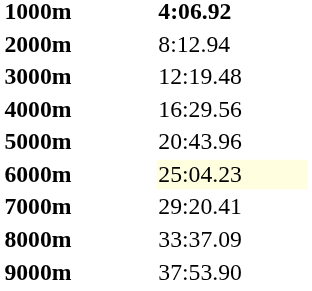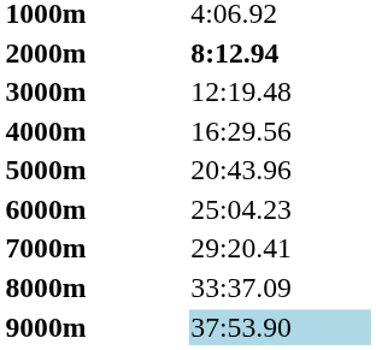 <table>
 <tr>
 <th width=100></th>
 <th width=100></th>
 <th width=300></th>
 </tr>
 <tr>
 <td><strong>1000m</strong></td>
-<td><strong>4:06.92</strong></td>
+<td>4:06.92</td>
 <td></td>
 </tr>
 <tr>
 <td><strong>2000m</strong></td>
-<td>8:12.94</td>
+<td><strong>8:12.94</strong></td>
 <td></td>
 </tr>
 <tr>
 <td><strong>3000m</strong></td>
 <td>12:19.48</td>
 <td></td>
 </tr>
 <tr>
 <td><strong>4000m</strong></td>
 <td>16:29.56</td>
 <td></td>
 </tr>
 <tr>
 <td><strong>5000m</strong></td>
 <td>20:43.96</td>
 <td></td>
 </tr>
 <tr>
 <td><strong>6000m</strong></td>
-<td style="background: lightyellow;">25:04.23</td>
+<td>25:04.23</td>
 <td></td>
 </tr>
 <tr>
 <td><strong>7000m</strong></td>
 <td>29:20.41</td>
 <td></td>
 </tr>
 <tr>
 <td><strong>8000m</strong></td>
 <td>33:37.09</td>
 <td></td>
 </tr>
 <tr>
 <td><strong>9000m</strong></td>
-<td>37:53.90</td>
+<td style="background: lightblue;">37:53.90</td>
 <td></td>
 </tr>
 </table>
